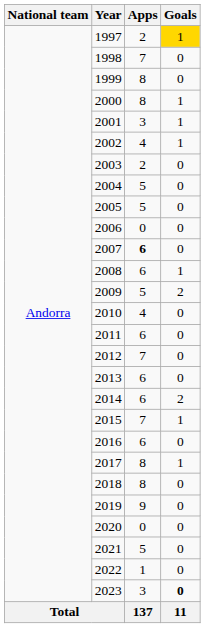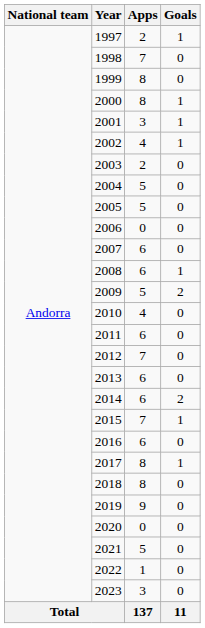 <table class="wikitable" style="text-align:center">
 <tr>
 <th>National team</th>
 <th>Year</th>
 <th>Apps</th>
 <th>Goals</th>
 </tr>
 <tr>
 <td rowspan="27"><a href='#'>Andorra</a></td>
 <td>1997</td>
 <td>2</td>
-<td style="background: gold;">1</td>
+<td>1</td>
 </tr>
 <tr>
 <td>1998</td>
 <td>7</td>
 <td>0</td>
 </tr>
 <tr>
 <td>1999</td>
 <td>8</td>
 <td>0</td>
 </tr>
 <tr>
 <td>2000</td>
 <td>8</td>
 <td>1</td>
 </tr>
 <tr>
 <td>2001</td>
 <td>3</td>
 <td>1</td>
 </tr>
 <tr>
 <td>2002</td>
 <td>4</td>
 <td>1</td>
 </tr>
 <tr>
 <td>2003</td>
 <td>2</td>
 <td>0</td>
 </tr>
 <tr>
 <td>2004</td>
 <td>5</td>
 <td>0</td>
 </tr>
 <tr>
 <td>2005</td>
 <td>5</td>
 <td>0</td>
 </tr>
 <tr>
 <td>2006</td>
 <td>0</td>
 <td>0</td>
 </tr>
 <tr>
 <td>2007</td>
-<td><strong>6</strong></td>
+<td>6</td>
 <td>0</td>
 </tr>
 <tr>
 <td>2008</td>
 <td>6</td>
 <td>1</td>
 </tr>
 <tr>
 <td>2009</td>
 <td>5</td>
 <td>2</td>
 </tr>
 <tr>
 <td>2010</td>
 <td>4</td>
 <td>0</td>
 </tr>
 <tr>
 <td>2011</td>
 <td>6</td>
 <td>0</td>
 </tr>
 <tr>
 <td>2012</td>
 <td>7</td>
 <td>0</td>
 </tr>
 <tr>
 <td>2013</td>
 <td>6</td>
 <td>0</td>
 </tr>
 <tr>
 <td>2014</td>
 <td>6</td>
 <td>2</td>
 </tr>
 <tr>
 <td>2015</td>
 <td>7</td>
 <td>1</td>
 </tr>
 <tr>
 <td>2016</td>
 <td>6</td>
 <td>0</td>
 </tr>
 <tr>
 <td>2017</td>
 <td>8</td>
 <td>1</td>
 </tr>
 <tr>
 <td>2018</td>
 <td>8</td>
 <td>0</td>
 </tr>
 <tr>
 <td>2019</td>
 <td>9</td>
 <td>0</td>
 </tr>
 <tr>
 <td>2020</td>
 <td>0</td>
 <td>0</td>
 </tr>
 <tr>
 <td>2021</td>
 <td>5</td>
 <td>0</td>
 </tr>
 <tr>
 <td>2022</td>
 <td>1</td>
 <td>0</td>
 </tr>
 <tr>
 <td>2023</td>
 <td>3</td>
-<td><strong>0</strong></td>
+<td>0</td>
 </tr>
 <tr>
 <th colspan="2">Total</th>
 <th>137</th>
 <th>11</th>
 </tr>
 </table>
